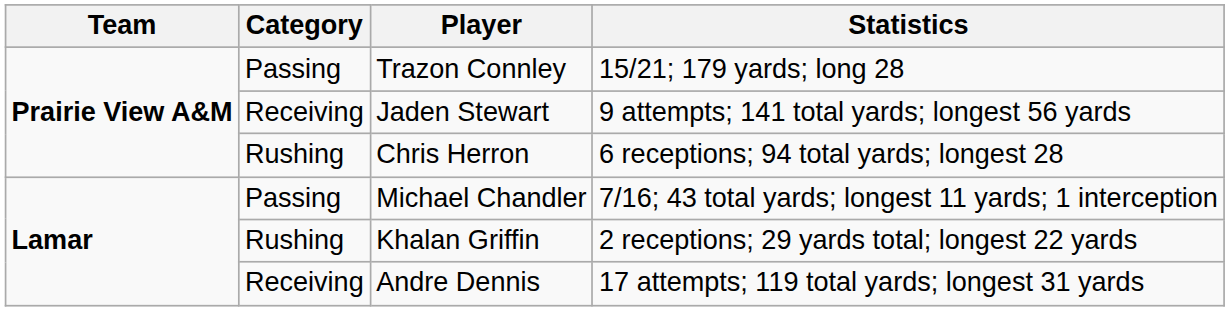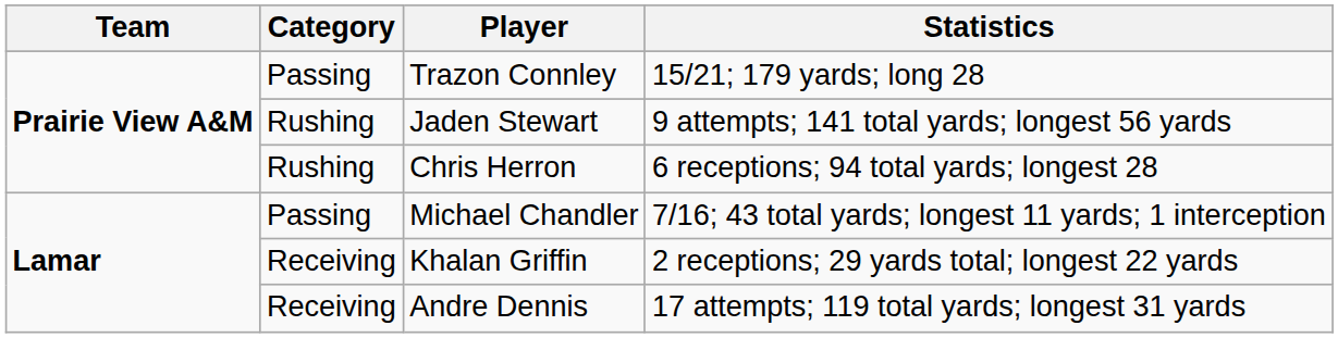 <table class="wikitable" style="float: right;">
 <tr>
 <th>Team</th>
 <th>Category</th>
 <th>Player</th>
 <th>Statistics</th>
 </tr>
 <tr>
 <td rowspan=3><strong>Prairie View A&M</strong></td>
 <td>Passing</td>
 <td>Trazon Connley</td>
 <td>15/21; 179 yards; long 28</td>
 </tr>
 <tr>
-<td>Receiving</td>
+<td>Rushing</td>
 <td>Jaden Stewart</td>
 <td>9 attempts; 141 total yards; longest 56 yards</td>
 </tr>
 <tr>
 <td>Rushing</td>
 <td>Chris Herron</td>
 <td>6 receptions; 94 total yards; longest 28</td>
 </tr>
 <tr>
 <td rowspan=3><strong>Lamar</strong></td>
 <td>Passing</td>
 <td>Michael Chandler</td>
 <td>7/16; 43 total yards; longest 11 yards; 1 interception</td>
 </tr>
 <tr>
-<td>Rushing</td>
+<td>Receiving</td>
 <td>Khalan Griffin</td>
 <td>2 receptions; 29 yards total; longest 22 yards</td>
 </tr>
 <tr>
 <td>Receiving</td>
 <td>Andre Dennis</td>
 <td>17 attempts; 119 total yards; longest 31 yards</td>
 </tr>
 </table>
